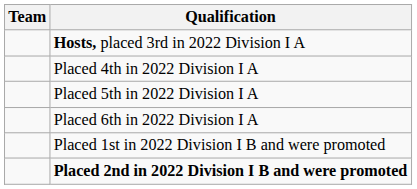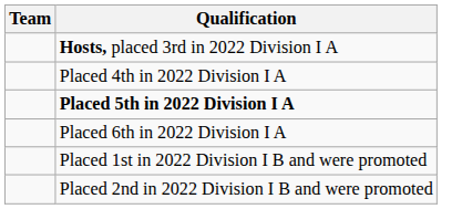 <table class="wikitable">
 <tr>
 <th>Team</th>
 <th>Qualification</th>
 </tr>
 <tr>
 <td></td>
 <td><strong>Hosts,</strong> placed 3rd in 2022 Division I A</td>
 </tr>
 <tr>
 <td></td>
 <td>Placed 4th in 2022 Division I A</td>
 </tr>
 <tr>
 <td></td>
-<td>Placed 5th in 2022 Division I A</td>
+<td><strong>Placed 5th in 2022 Division I A</strong></td>
 </tr>
 <tr>
 <td></td>
 <td>Placed 6th in 2022 Division I A</td>
 </tr>
 <tr>
 <td></td>
 <td>Placed 1st in 2022 Division I B and were promoted</td>
 </tr>
 <tr>
 <td></td>
-<td><strong>Placed 2nd in 2022 Division I B and were promoted</strong></td>
+<td>Placed 2nd in 2022 Division I B and were promoted</td>
 </tr>
 </table>
